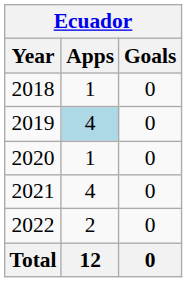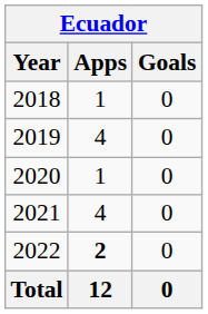 <table class="wikitable" style="text-align:center">
 <tr>
 <th colspan=3><a href='#'>Ecuador</a></th>
 </tr>
 <tr>
 <th>Year</th>
 <th>Apps</th>
 <th>Goals</th>
 </tr>
 <tr>
 <td>2018</td>
 <td>1</td>
 <td>0</td>
 </tr>
 <tr>
 <td>2019</td>
-<td style="background: lightblue;">4</td>
+<td>4</td>
 <td>0</td>
 </tr>
 <tr>
 <td>2020</td>
 <td>1</td>
 <td>0</td>
 </tr>
 <tr>
 <td>2021</td>
 <td>4</td>
 <td>0</td>
 </tr>
 <tr>
 <td>2022</td>
-<td>2</td>
+<td><strong>2</strong></td>
 <td>0</td>
 </tr>
 <tr>
 <th>Total</th>
 <th>12</th>
 <th>0</th>
 </tr>
 </table>
